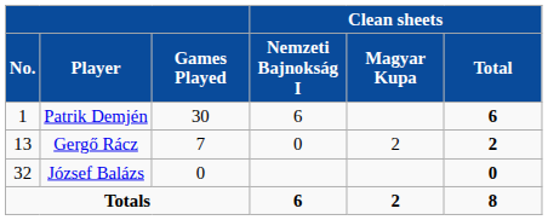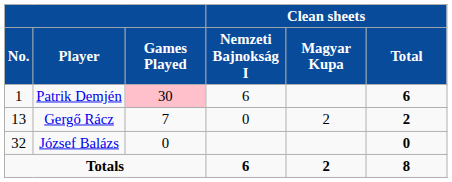 <table class="wikitable sortable alternance" style="text-align:center">
 <tr>
 <th colspan="3" style="background:#094B9B"></th>
 <th colspan="4" style="background:#094B9B;color:white">Clean sheets</th>
 </tr>
 <tr>
 <th style="background-color:#094B9B;color:white">No.</th>
 <th style="background-color:#094B9B;color:white">Player</th>
 <th width=80 style="background-color:#094B9B;color:white">Games Played</th>
 <th width=80 style="background-color:#094B9B;color:white">Nemzeti Bajnokság I</th>
 <th width=80 style="background-color:#094B9B;color:white">Magyar Kupa</th>
 <th width=80 style="background-color:#094B9B;color:white">Total</th>
 </tr>
 <tr>
 <td>1</td>
 <td> <a href='#'>Patrik Demjén</a></td>
-<td>30</td>
+<td style="background: pink;">30</td>
 <td>6</td>
 <td></td>
 <td><strong>6</strong></td>
 </tr>
 <tr>
 <td>13</td>
 <td> <a href='#'>Gergő Rácz</a></td>
 <td>7</td>
 <td>0</td>
 <td>2</td>
 <td><strong>2</strong></td>
 </tr>
 <tr>
 <td>32</td>
 <td> <a href='#'>József Balázs</a></td>
 <td>0</td>
 <td></td>
 <td></td>
 <td><strong>0</strong></td>
 </tr>
 <tr class="sortbottom">
 <td colspan="3"><strong>Totals</strong></td>
 <td><strong>6</strong></td>
 <td><strong>2</strong></td>
 <td><strong>8</strong></td>
 </tr>
 </table>
